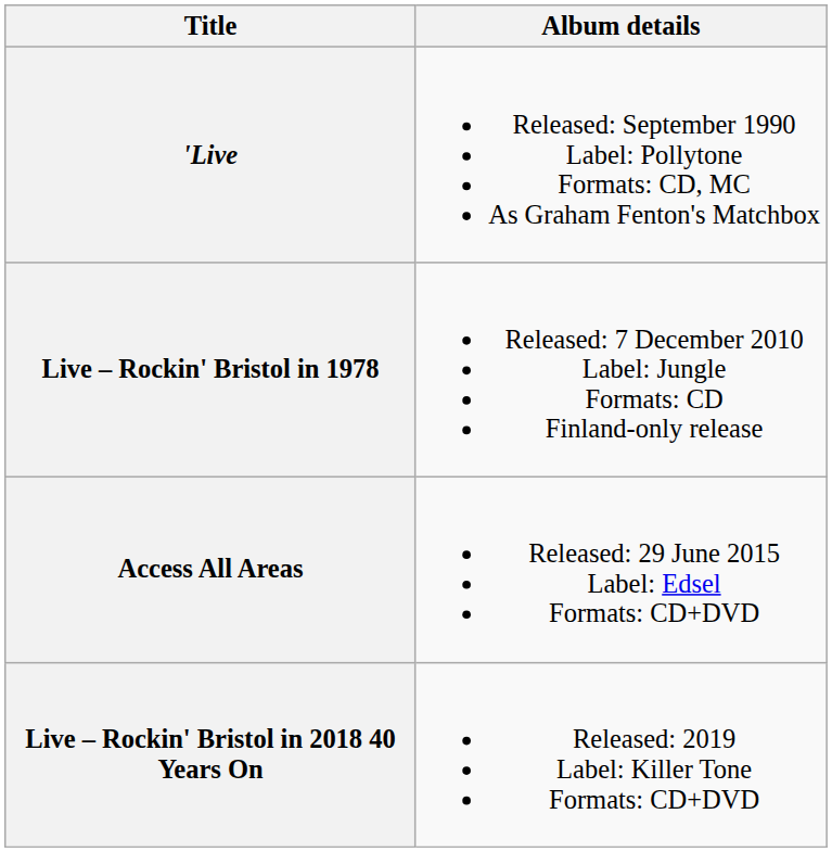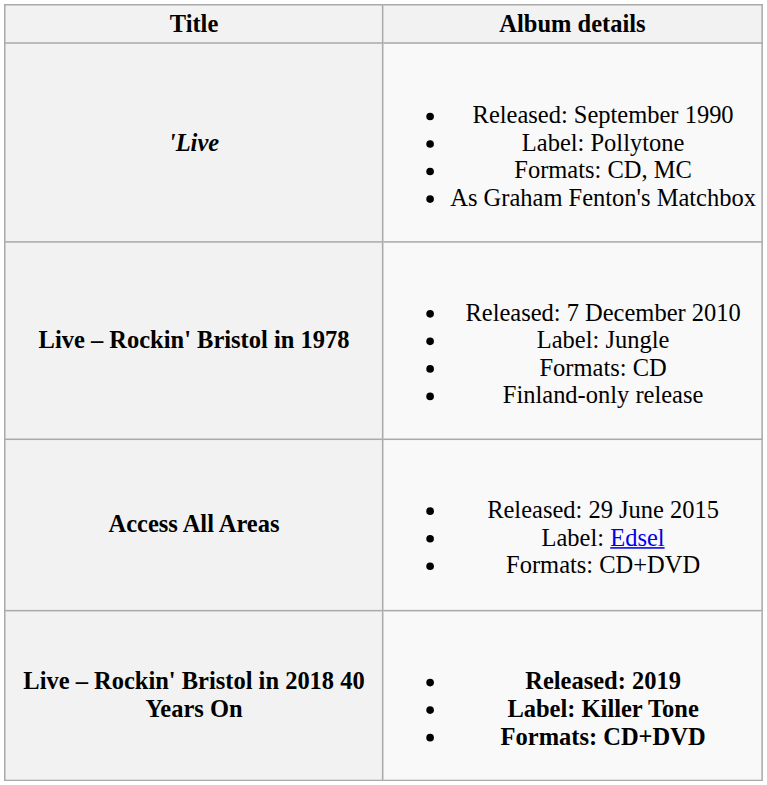 <table class="wikitable plainrowheaders" style="text-align:center;">
 <tr>
 <th scope="col" style="width:15em;">Title</th>
 <th scope="col" style="width:15em;">Album details</th>
 </tr>
 <tr>
 <th scope="row"><em>'Live<strong></th>
 <td><br><ul><li>Released: September 1990</li><li>Label: Pollytone</li><li>Formats: CD, MC</li><li>As Graham Fenton's Matchbox</li></ul></td>
 </tr>
 <tr>
 <th scope="row"></em>Live – Rockin' Bristol in 1978<em></th>
 <td><br><ul><li>Released: 7 December 2010</li><li>Label: Jungle</li><li>Formats: CD</li><li>Finland-only release</li></ul></td>
 </tr>
 <tr>
 <th scope="row"></em>Access All Areas<em></th>
 <td><br><ul><li>Released: 29 June 2015</li><li>Label: <a href='#'>Edsel</a></li><li>Formats: CD+DVD</li></ul></td>
 </tr>
 <tr>
 <th scope="row"></em>Live – Rockin' Bristol in 2018 40 Years On<em></th>
-<td><br><ul><li>Released: 2019</li><li>Label: Killer Tone</li><li>Formats: CD+DVD</li></ul></td>
+<td><strong><br><ul><li>Released: 2019</li><li>Label: Killer Tone</li><li>Formats: CD+DVD</li></ul></strong></td>
 </tr>
 </table>
